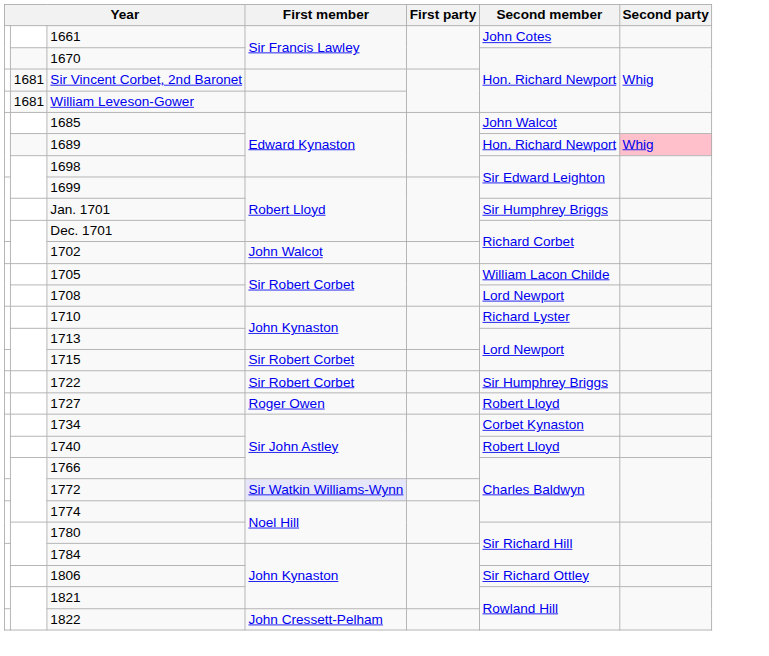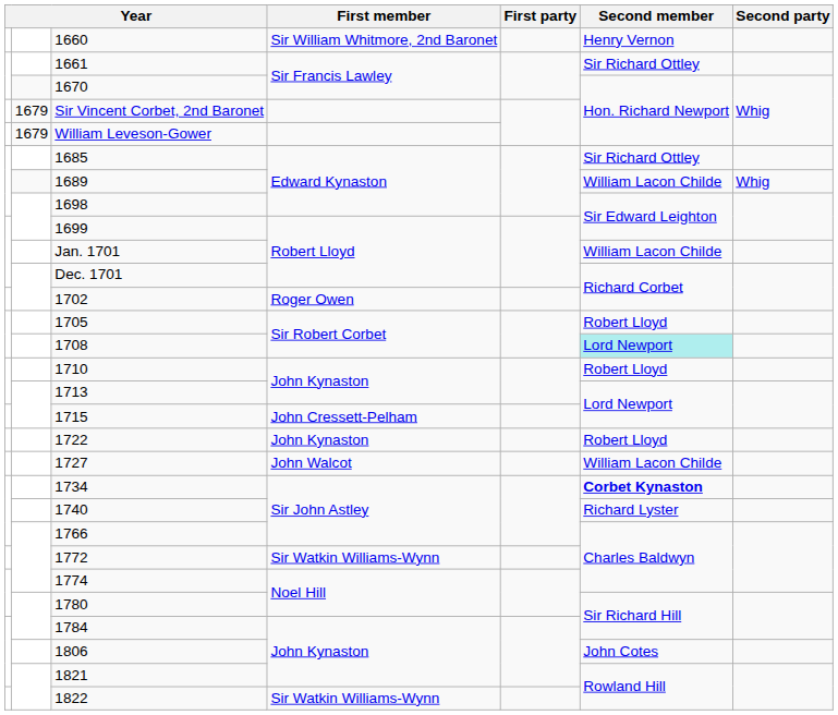 <table class="wikitable">
 <tr>
 <th colspan="3">Year</th>
 <th>First member</th>
 <th>First party</th>
 <th>Second member</th>
 <th>Second party</th>
 </tr>
 <tr>
+<td style="color:inherit;background-color: white"></td>
+<td style="color:inherit;background-color: white"></td>
+<td>1660</td>
+<td><a href='#'>Sir William Whitmore, 2nd Baronet</a></td>
+<td></td>
+<td><a href='#'>Henry Vernon</a></td>
+<td></td>
+</tr>
+<tr>
 <td style="color:inherit;background-color: white" rowspan="2"></td>
 <td style="color:inherit;background-color: white"></td>
 <td>1661</td>
 <td rowspan="2"><a href='#'>Sir Francis Lawley</a></td>
 <td rowspan="2"></td>
-<td><a href='#'>John Cotes</a></td>
+<td><a href='#'>Sir Richard Ottley</a></td>
 <td></td>
 </tr>
 <tr>
 <td style="color:inherit;background-color: "></td>
 <td>1670</td>
 <td rowspan="3"><a href='#'>Hon. Richard Newport</a></td>
 <td rowspan="3"><a href='#'>Whig</a></td>
 </tr>
 <tr>
 <td style="color:inherit;background-color: white"></td>
-<td>1681</td>
+<td>1679</td>
 <td><a href='#'>Sir Vincent Corbet, 2nd Baronet</a></td>
 <td></td>
 </tr>
 <tr>
 <td style="color:inherit;background-color: white"></td>
-<td>1681</td>
+<td>1679</td>
 <td><a href='#'>William Leveson-Gower</a></td>
 <td></td>
 </tr>
 <tr>
 <td style="color:inherit;background-color: white" rowspan="3"></td>
 <td style="color:inherit;background-color: white"></td>
 <td>1685</td>
 <td rowspan="3"><a href='#'>Edward Kynaston</a></td>
 <td rowspan="3"></td>
-<td><a href='#'>John Walcot</a></td>
+<td><a href='#'>Sir Richard Ottley</a></td>
 <td></td>
 </tr>
 <tr>
 <td style="color:inherit;background-color: "></td>
 <td>1689</td>
-<td><a href='#'>Hon. Richard Newport</a></td>
-<td style="background: pink;"><a href='#'>Whig</a></td>
+<td><a href='#'>William Lacon Childe</a></td>
+<td><a href='#'>Whig</a></td>
 </tr>
 <tr>
 <td style="color:inherit;background-color: white" rowspan="2"></td>
 <td>1698</td>
 <td rowspan="2"><a href='#'>Sir Edward Leighton</a></td>
 <td rowspan="2"></td>
 </tr>
 <tr>
 <td style="color:inherit;background-color: white" rowspan="3"></td>
 <td>1699</td>
 <td rowspan="3"><a href='#'>Robert Lloyd</a></td>
 <td rowspan="3"></td>
 </tr>
 <tr>
 <td style="color:inherit;background-color: white"></td>
 <td>Jan. 1701</td>
-<td><a href='#'>Sir Humphrey Briggs</a></td>
+<td><a href='#'>William Lacon Childe</a></td>
 <td></td>
 </tr>
 <tr>
 <td style="color:inherit;background-color: white" rowspan="2"></td>
 <td>Dec. 1701</td>
 <td rowspan="2"><a href='#'>Richard Corbet</a></td>
 <td rowspan="2"></td>
 </tr>
 <tr>
 <td style="color:inherit;background-color: white"></td>
 <td>1702</td>
-<td><a href='#'>John Walcot</a></td>
+<td><a href='#'>Roger Owen</a></td>
 <td></td>
 </tr>
 <tr>
 <td style="color:inherit;background-color: white" rowspan="2"></td>
 <td style="color:inherit;background-color: white"></td>
 <td>1705</td>
 <td rowspan="2"><a href='#'>Sir Robert Corbet</a></td>
 <td rowspan="2"></td>
-<td><a href='#'>William Lacon Childe</a></td>
+<td><a href='#'>Robert Lloyd</a></td>
 <td></td>
 </tr>
 <tr>
 <td style="color:inherit;background-color: white"></td>
 <td>1708</td>
-<td><a href='#'>Lord Newport</a></td>
+<td style="background: paleturquoise;"><a href='#'>Lord Newport</a></td>
 <td></td>
 </tr>
 <tr>
 <td style="color:inherit;background-color: white" rowspan="2"></td>
 <td style="color:inherit;background-color: white"></td>
 <td>1710</td>
 <td rowspan="2"><a href='#'>John Kynaston</a></td>
 <td rowspan="2"></td>
-<td><a href='#'>Richard Lyster</a></td>
+<td><a href='#'>Robert Lloyd</a></td>
 <td></td>
 </tr>
 <tr>
 <td style="color:inherit;background-color: white" rowspan="2"></td>
 <td>1713</td>
 <td rowspan="2"><a href='#'>Lord Newport</a></td>
 <td rowspan="2"></td>
 </tr>
 <tr>
 <td style="color:inherit;background-color: white"></td>
 <td>1715</td>
-<td><a href='#'>Sir Robert Corbet</a></td>
+<td><a href='#'>John Cressett-Pelham</a></td>
 <td></td>
 </tr>
 <tr>
 <td style="color:inherit;background-color: white"></td>
 <td style="color:inherit;background-color: white"></td>
 <td>1722</td>
-<td><a href='#'>Sir Robert Corbet</a></td>
+<td><a href='#'>John Kynaston</a></td>
 <td></td>
-<td><a href='#'>Sir Humphrey Briggs</a></td>
+<td><a href='#'>Robert Lloyd</a></td>
 <td></td>
 </tr>
 <tr>
 <td style="color:inherit;background-color: white"></td>
 <td style="color:inherit;background-color: white"></td>
 <td>1727</td>
-<td><a href='#'>Roger Owen</a></td>
+<td><a href='#'>John Walcot</a></td>
 <td></td>
-<td><a href='#'>Robert Lloyd</a></td>
+<td><a href='#'>William Lacon Childe</a></td>
 <td></td>
 </tr>
 <tr>
 <td style="color:inherit;background-color: white" rowspan="3"></td>
 <td style="color:inherit;background-color: white"></td>
 <td>1734</td>
 <td rowspan="3"><a href='#'>Sir John Astley</a></td>
 <td rowspan="3"></td>
-<td><a href='#'>Corbet Kynaston</a></td>
+<td><strong><a href='#'>Corbet Kynaston</a></strong></td>
 <td></td>
 </tr>
 <tr>
 <td style="color:inherit;background-color: white"></td>
 <td>1740</td>
-<td><a href='#'>Robert Lloyd</a></td>
+<td><a href='#'>Richard Lyster</a></td>
 <td></td>
 </tr>
 <tr>
 <td style="color:inherit;background-color: white" rowspan="3"></td>
 <td>1766</td>
 <td rowspan="3"><a href='#'>Charles Baldwyn</a></td>
 <td rowspan="3"></td>
 </tr>
 <tr>
 <td style="color:inherit;background-color: white"></td>
 <td>1772</td>
-<td style="background: lavender;"><a href='#'>Sir Watkin Williams-Wynn</a></td>
+<td><a href='#'>Sir Watkin Williams-Wynn</a></td>
 <td></td>
 </tr>
 <tr>
 <td style="color:inherit;background-color: white" rowspan="2"></td>
 <td>1774</td>
 <td rowspan="2"><a href='#'>Noel Hill</a></td>
 <td rowspan="2"></td>
 </tr>
 <tr>
 <td style="color:inherit;background-color: white" rowspan="2"></td>
 <td>1780</td>
 <td rowspan="2"><a href='#'>Sir Richard Hill</a></td>
 <td rowspan="2"></td>
 </tr>
 <tr>
 <td style="color:inherit;background-color: white" rowspan="3"></td>
 <td>1784</td>
 <td rowspan="3"><a href='#'>John Kynaston</a></td>
 <td rowspan="3"></td>
 </tr>
 <tr>
 <td style="color:inherit;background-color: white"></td>
 <td>1806</td>
-<td><a href='#'>Sir Richard Ottley</a></td>
+<td><a href='#'>John Cotes</a></td>
 <td></td>
 </tr>
 <tr>
 <td style="color:inherit;background-color: white" rowspan="2"></td>
 <td>1821</td>
 <td rowspan="2"><a href='#'>Rowland Hill</a></td>
 <td rowspan="2"></td>
 </tr>
 <tr>
 <td style="color:inherit;background-color: white"></td>
 <td>1822</td>
-<td><a href='#'>John Cressett-Pelham</a></td>
+<td><a href='#'>Sir Watkin Williams-Wynn</a></td>
 <td></td>
 </tr>
 </table>
